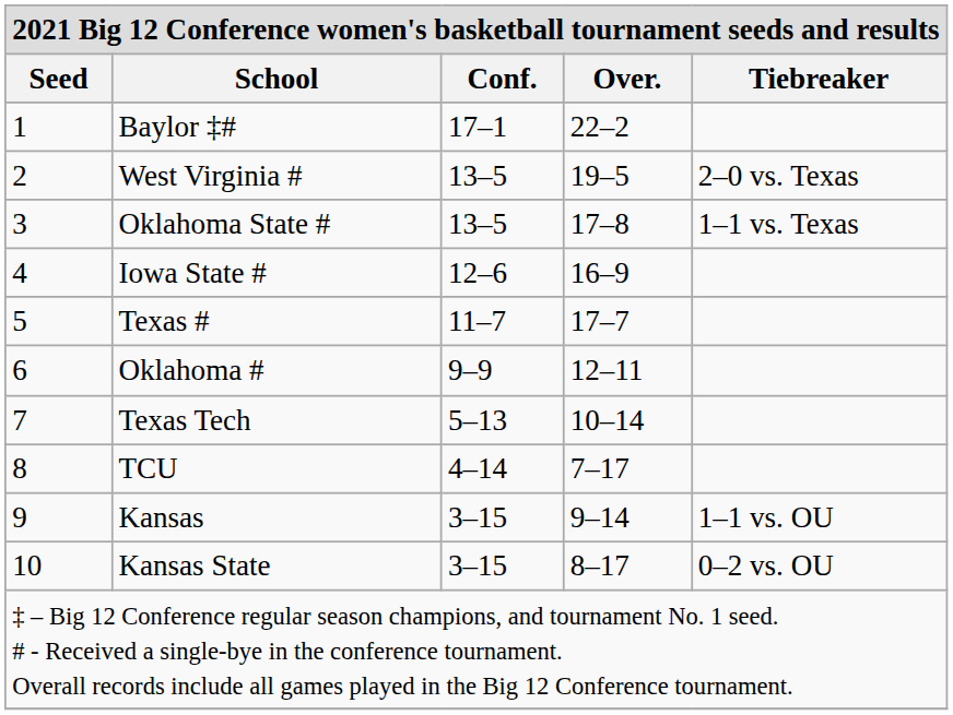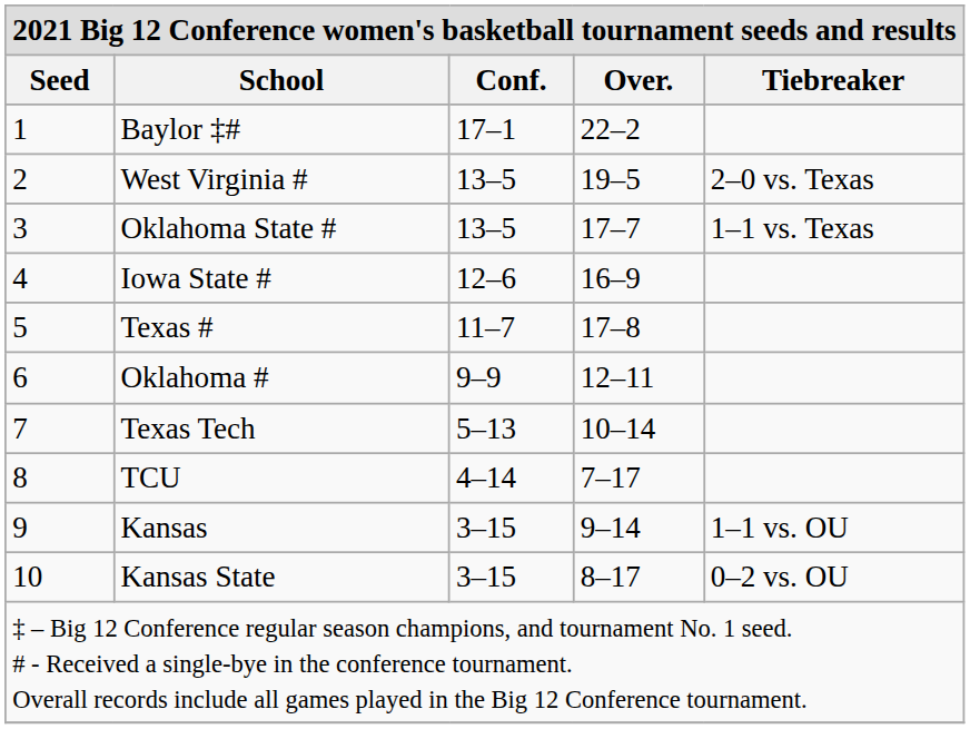 <table class="wikitable" style="white-space:nowrap; font-size:95%;">
 <tr>
 <td colspan="10" style="text-align:center; background:#DDDDDD; font:#000000"><strong>2021 Big 12 Conference women's basketball tournament seeds and results</strong></td>
 </tr>
 <tr bgcolor="#efefef">
 <th>Seed</th>
 <th>School</th>
 <th>Conf.</th>
 <th>Over.</th>
 <th>Tiebreaker</th>
 </tr>
 <tr>
 <td>1</td>
 <td>Baylor ‡#</td>
 <td>17–1</td>
 <td>22–2</td>
 <td></td>
 </tr>
 <tr>
 <td>2</td>
 <td>West Virginia #</td>
 <td>13–5</td>
 <td>19–5</td>
 <td>2–0 vs. Texas</td>
 </tr>
 <tr>
 <td>3</td>
 <td>Oklahoma State #</td>
 <td>13–5</td>
-<td>17–8</td>
+<td>17–7</td>
 <td>1–1 vs. Texas</td>
 </tr>
 <tr>
 <td>4</td>
 <td>Iowa State #</td>
 <td>12–6</td>
 <td>16–9</td>
 <td></td>
 </tr>
 <tr>
 <td>5</td>
 <td>Texas #</td>
 <td>11–7</td>
-<td>17–7</td>
+<td>17–8</td>
 <td></td>
 </tr>
 <tr>
 <td>6</td>
 <td>Oklahoma #</td>
 <td>9–9</td>
 <td>12–11</td>
 <td></td>
 </tr>
 <tr>
 <td>7</td>
 <td>Texas Tech</td>
 <td>5–13</td>
 <td>10–14</td>
 <td></td>
 </tr>
 <tr>
 <td>8</td>
 <td>TCU</td>
 <td>4–14</td>
 <td>7–17</td>
 <td></td>
 </tr>
 <tr>
 <td>9</td>
 <td>Kansas</td>
 <td>3–15</td>
 <td>9–14</td>
 <td>1–1 vs. OU</td>
 </tr>
 <tr>
 <td>10</td>
 <td>Kansas State</td>
 <td>3–15</td>
 <td>8–17</td>
 <td>0–2 vs. OU</td>
 </tr>
 <tr>
 <td colspan="10" style="text-align:left;"><small>‡ – Big 12 Conference regular season champions, and tournament No. 1 seed.<br># - Received a single-bye in the conference tournament.<br>Overall records include all games played in the Big 12 Conference tournament.</small></td>
 </tr>
 <tr>
 </tr>
 </table>
